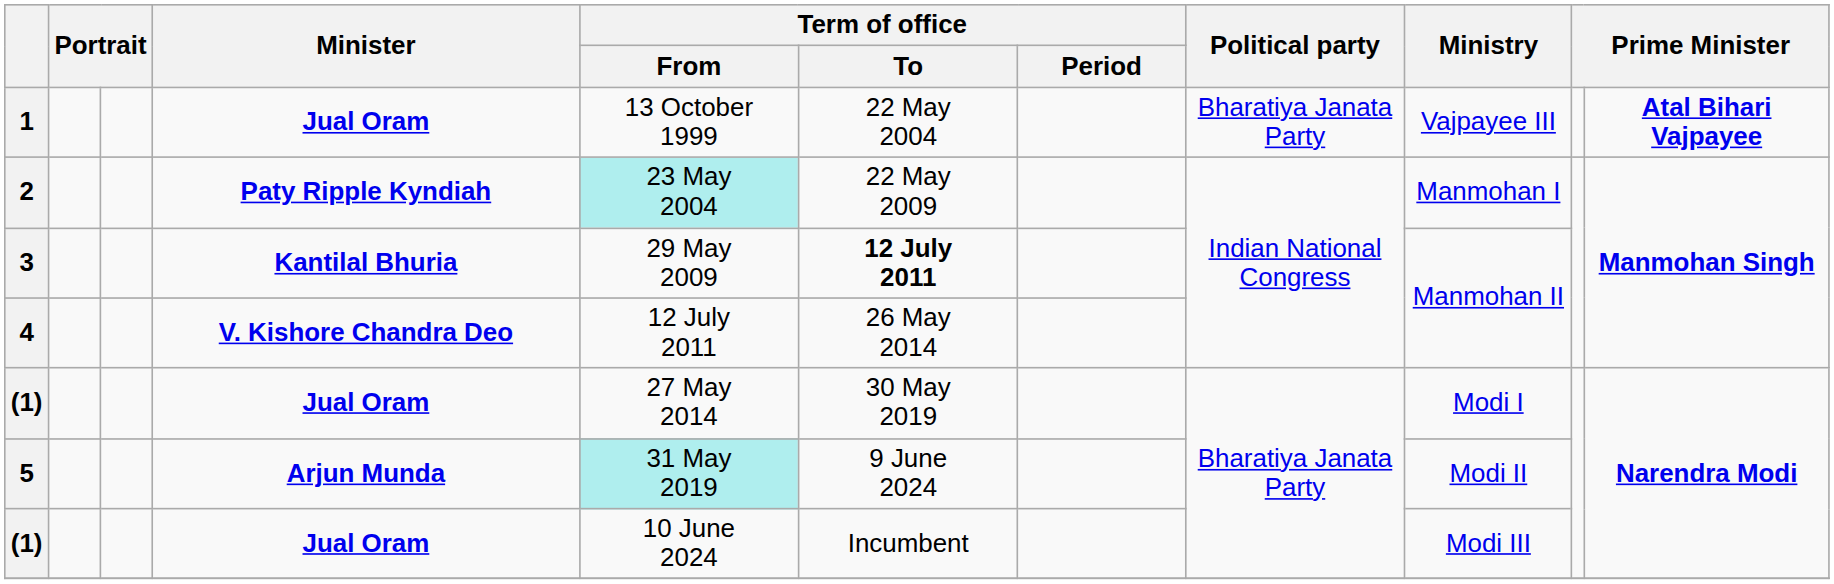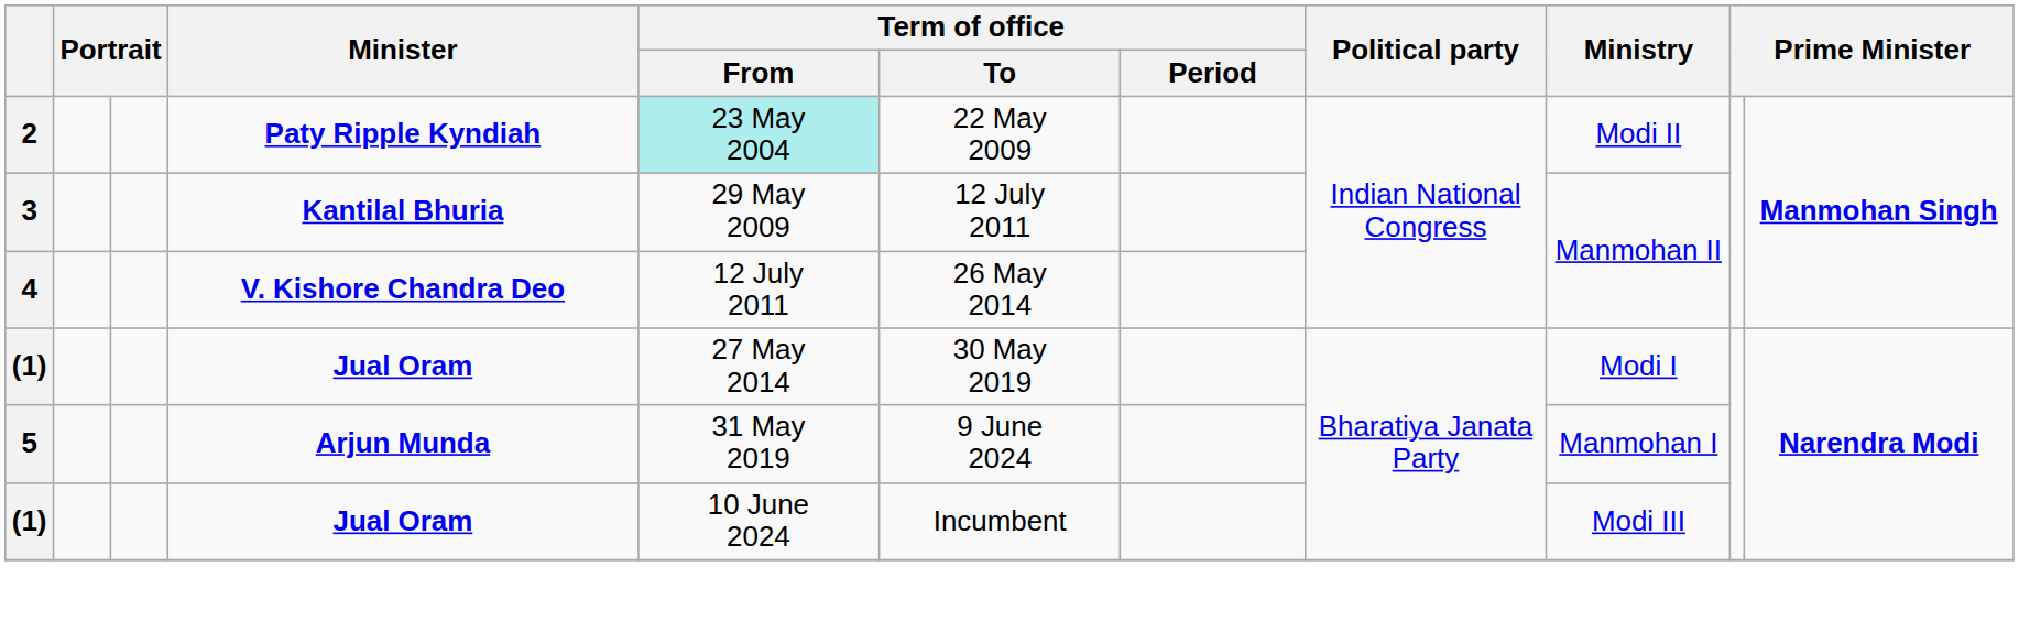 <table class="wikitable" style="text-align:center">
 <tr>
 <th rowspan="2"></th>
 <th rowspan="2" colspan="2">Portrait</th>
 <th rowspan="2" style="width:16em">Minister<br></th>
 <th colspan="3">Term of office</th>
 <th rowspan="2" style="width:8em">Political party</th>
 <th rowspan="2" style="width:6em">Ministry</th>
 <th rowspan="2" colspan="2">Prime Minister</th>
 </tr>
 <tr>
 <th style="width:8em">From</th>
 <th style="width:8em">To</th>
 <th style="width:6em">Period</th>
 </tr>
 <tr>
-<th>1</th>
-<td></td>
-<td></td>
-<td><strong><a href='#'>Jual Oram</a></strong><br></td>
-<td>13 October<br>1999</td>
-<td>22 May<br>2004</td>
-<td><strong></strong></td>
-<td><a href='#'>Bharatiya Janata Party</a></td>
-<td><a href='#'>Vajpayee III</a></td>
-<td></td>
-<td><strong><a href='#'>Atal Bihari Vajpayee</a></strong></td>
-</tr>
-<tr>
 <th>2</th>
 <td></td>
 <td></td>
 <td><strong><a href='#'>Paty Ripple Kyndiah</a></strong><br></td>
 <td style="background: paleturquoise;">23 May<br>2004</td>
 <td>22 May<br>2009</td>
 <td><strong></strong></td>
 <td rowspan="3"><a href='#'>Indian National Congress</a></td>
-<td><a href='#'>Manmohan I</a></td>
+<td><a href='#'>Modi II</a></td>
 <td rowspan="3"></td>
 <td rowspan="3" style="width:9em"><strong><a href='#'>Manmohan Singh</a></strong></td>
 </tr>
 <tr>
 <th>3</th>
 <td></td>
 <td></td>
 <td><strong><a href='#'>Kantilal Bhuria</a></strong><br></td>
 <td>29 May<br>2009</td>
-<td><strong>12 July<br>2011</strong></td>
+<td>12 July<br>2011</td>
 <td><strong></strong></td>
 <td rowspan="2"><a href='#'>Manmohan II</a></td>
 </tr>
 <tr>
 <th>4</th>
 <td></td>
 <td></td>
 <td><strong><a href='#'>V. Kishore Chandra Deo</a></strong><br></td>
 <td>12 July<br>2011</td>
 <td>26 May<br>2014</td>
 <td><strong></strong></td>
 </tr>
 <tr>
 <th>(1)</th>
 <td></td>
 <td></td>
 <td><strong><a href='#'>Jual Oram</a></strong><br></td>
 <td>27 May<br>2014</td>
 <td>30 May<br>2019</td>
 <td><strong></strong></td>
 <td rowspan="3"><a href='#'>Bharatiya Janata Party</a></td>
 <td><a href='#'>Modi I</a></td>
 <td rowspan="3"></td>
 <td rowspan="3"><strong><a href='#'>Narendra Modi</a></strong></td>
 </tr>
 <tr>
 <th>5</th>
 <td></td>
 <td></td>
 <td><strong><a href='#'>Arjun Munda</a></strong><br></td>
-<td style="background: paleturquoise;">31 May<br>2019</td>
+<td>31 May<br>2019</td>
 <td>9 June<br>2024</td>
 <td><strong></strong></td>
-<td><a href='#'>Modi II</a></td>
+<td><a href='#'>Manmohan I</a></td>
 </tr>
 <tr>
 <th>(1)</th>
 <td></td>
 <td></td>
 <td><strong><a href='#'>Jual Oram</a></strong><br></td>
 <td>10 June<br>2024</td>
 <td>Incumbent</td>
 <td><strong></strong></td>
 <td><a href='#'>Modi III</a></td>
 </tr>
 <tr>
 </tr>
 </table>
